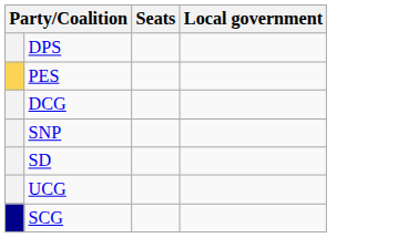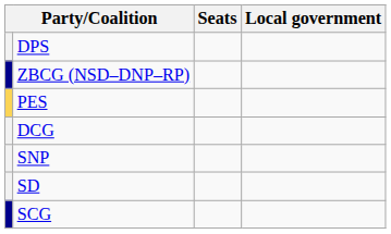 <table class="wikitable" style="text-align:left;">
 <tr>
 <th colspan=2>Party/Coalition</th>
 <th>Seats</th>
 <th>Local government</th>
 </tr>
 <tr>
 <th style="background-color: "></th>
 <td><a href='#'>DPS</a></td>
+<td></td>
+<td></td>
+</tr>
+<tr>
+<th style="background-color: darkblue"></th>
+<td><a href='#'>ZBCG (NSD–DNP–RP)</a></td>
 <td></td>
 <td></td>
 </tr>
 <tr>
 <th style="background-color: #FBD455"></th>
 <td><a href='#'>PES</a></td>
 <td></td>
 <td></td>
 </tr>
 <tr>
 <th style="background-color: "></th>
 <td><a href='#'>DCG</a></td>
 <td></td>
 <td></td>
 </tr>
 <tr>
 <th style="background-color: "></th>
 <td><a href='#'>SNP</a></td>
 <td></td>
 <td></td>
 </tr>
 <tr>
 <th style="background:"></th>
 <td><a href='#'>SD</a></td>
 <td></td>
 <td></td>
 </tr>
 <tr>
-<th style="background-color: "></th>
-<td><a href='#'>UCG</a></td>
-<td></td>
-<td></td>
-</tr>
-<tr>
 <th style="background-color: #00008B"></th>
 <td><a href='#'>SCG</a></td>
 <td></td>
 <td></td>
 </tr>
 </table>
